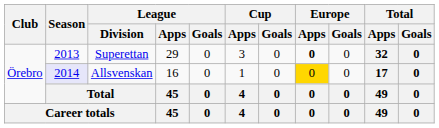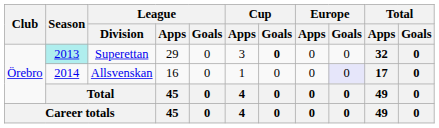 <table class="wikitable" style="text-align: center;">
 <tr>
 <th rowspan="2">Club</th>
 <th rowspan="2">Season</th>
 <th colspan="3">League</th>
 <th colspan="2">Cup</th>
 <th colspan="2">Europe</th>
 <th colspan="2">Total</th>
 </tr>
 <tr>
 <th>Division</th>
 <th>Apps</th>
 <th>Goals</th>
 <th>Apps</th>
 <th>Goals</th>
 <th>Apps</th>
 <th>Goals</th>
 <th>Apps</th>
 <th>Goals</th>
 </tr>
 <tr>
 <td rowspan="3" valign="center"><a href='#'>Örebro</a></td>
-<td><a href='#'>2013</a></td>
+<td style="background: paleturquoise;"><a href='#'>2013</a></td>
 <td><a href='#'>Superettan</a></td>
 <td>29</td>
 <td>0</td>
 <td>3</td>
+<td><strong>0</strong></td>
 <td>0</td>
-<td><strong>0</strong></td>
 <td>0</td>
 <th>32</th>
 <th>0</th>
 </tr>
 <tr>
-<td style="background: lavender;"><a href='#'>2014</a></td>
+<td><a href='#'>2014</a></td>
 <td><a href='#'>Allsvenskan</a></td>
 <td>16</td>
 <td>0</td>
 <td>1</td>
 <td>0</td>
-<td style="background: gold;">0</td>
 <td>0</td>
+<td style="background: lavender;">0</td>
 <th>17</th>
 <th>0</th>
 </tr>
 <tr>
 <th colspan=2>Total</th>
 <th>45</th>
 <th>0</th>
 <th>4</th>
 <th>0</th>
 <th>0</th>
 <th>0</th>
 <th>49</th>
 <th>0</th>
 </tr>
 <tr>
 <th colspan=3>Career totals</th>
 <th>45</th>
 <th>0</th>
 <th>4</th>
 <th>0</th>
 <th>0</th>
 <th>0</th>
 <th>49</th>
 <th>0</th>
 </tr>
 </table>
